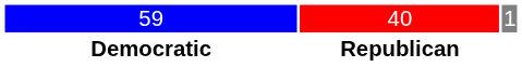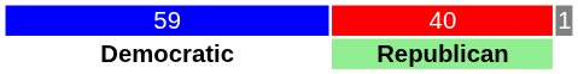 <table style="width:60%; text-align:center;">
 <tr style="color:white;">
 <td style="background:blue; width:59.0%;">59</td>
 <td style="background:red; width:40.0%;">40</td>
 <td style="background:grey; width:1.0%;">1</td>
 </tr>
 <tr>
 <td><span><strong>Democratic</strong></span></td>
-<td><span><strong>Republican</strong></span></td>
+<td style="background: lightgreen;"><span><strong>Republican</strong></span></td>
 </tr>
 </table>
